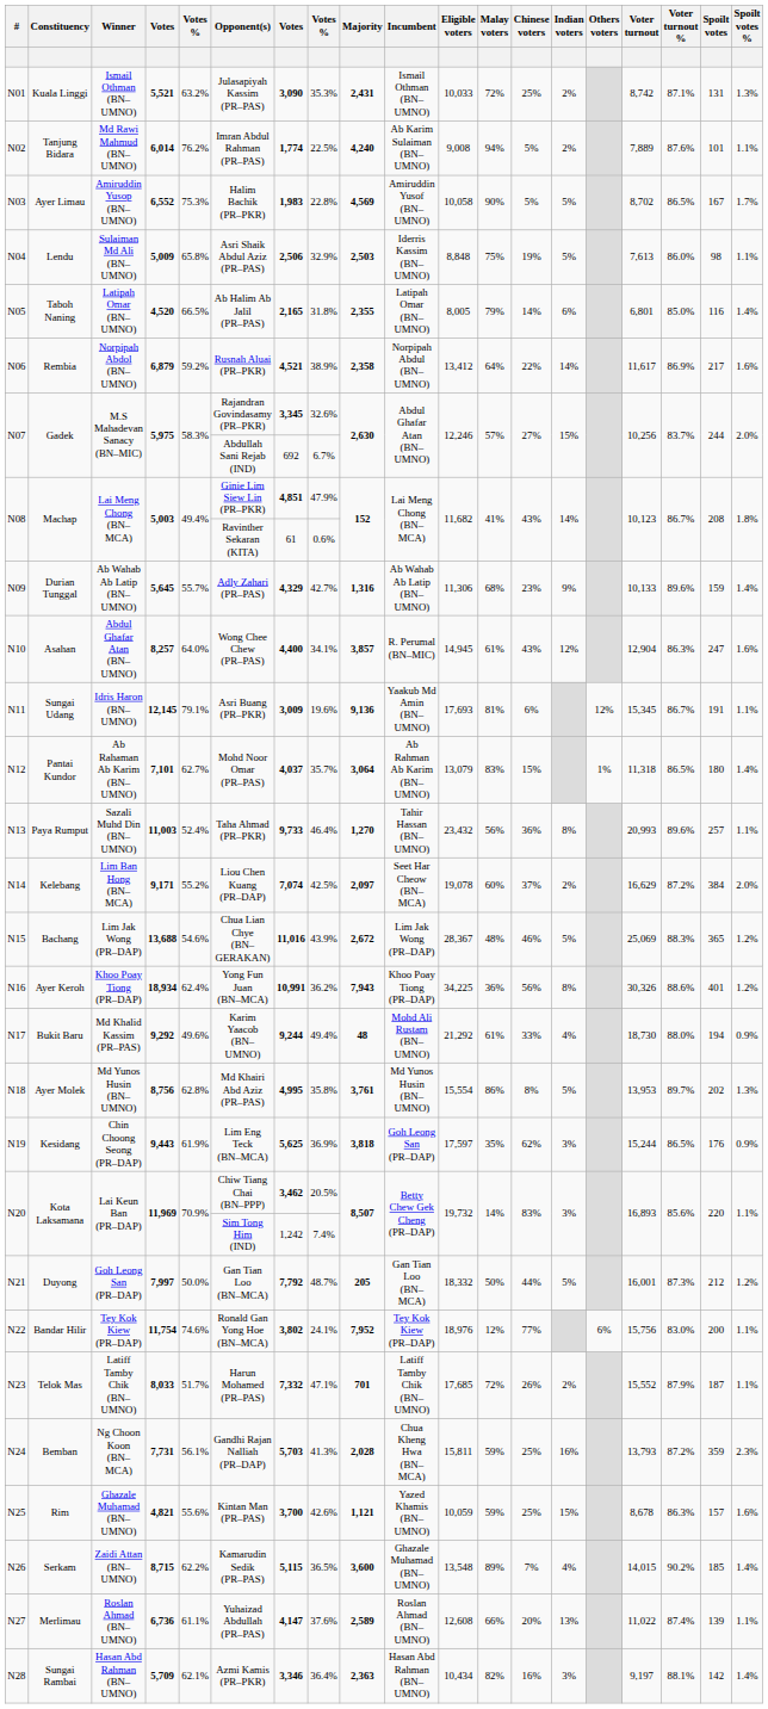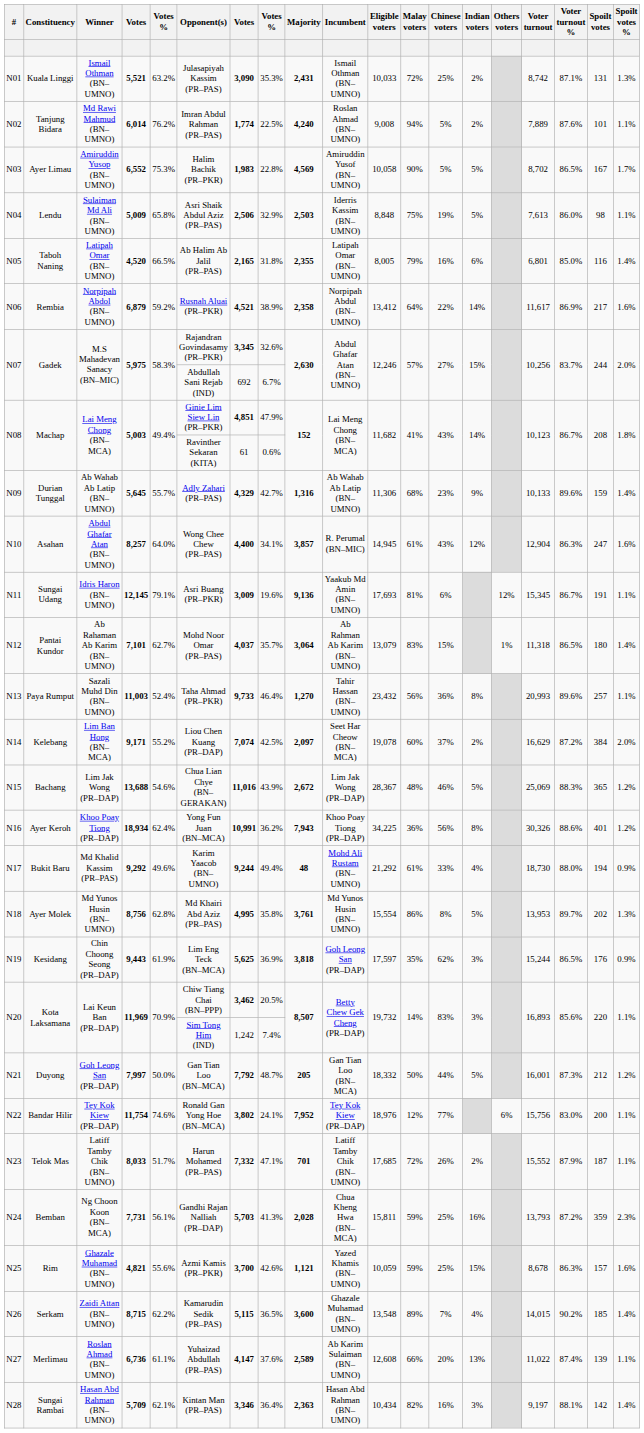 <table class="wikitable sortable" style="text-align:center; font-size:90%">
 <tr>
 <th>#</th>
 <th>Constituency</th>
 <th>Winner</th>
 <th>Votes</th>
 <th>Votes %</th>
 <th>Opponent(s)</th>
 <th>Votes</th>
 <th>Votes %</th>
 <th>Majority</th>
 <th>Incumbent</th>
 <th>Eligible voters</th>
 <th>Malay voters</th>
 <th>Chinese voters</th>
 <th>Indian voters</th>
 <th>Others voters</th>
 <th>Voter turnout</th>
 <th>Voter turnout %</th>
 <th>Spoilt votes</th>
 <th>Spoilt votes %</th>
 </tr>
 <tr>
 <th style="height:20px;"></th>
 <th></th>
 <th></th>
 <th></th>
 <th></th>
 <th></th>
 <th></th>
 <th></th>
 <th></th>
 <th></th>
 <th></th>
 <th></th>
 <th></th>
 <th></th>
 <th></th>
 <th></th>
 <th></th>
 <th></th>
 <th></th>
 </tr>
 <tr>
 <td>N01</td>
 <td>Kuala Linggi</td>
 <td><a href='#'>Ismail Othman</a><br>(BN–UMNO)</td>
 <td><strong>5,521</strong></td>
 <td>63.2%</td>
 <td>Julasapiyah Kassim<br>(PR–PAS)</td>
 <td><strong>3,090</strong></td>
 <td>35.3%</td>
 <td><strong>2,431</strong></td>
 <td>Ismail Othman<br>(BN–UMNO)</td>
 <td>10,033</td>
 <td>72%</td>
 <td>25%</td>
 <td>2%</td>
 <td style="background:#dcdcdc;"></td>
 <td>8,742</td>
 <td>87.1%</td>
 <td>131</td>
 <td>1.3%</td>
 </tr>
 <tr style="text-align:center;">
 <td>N02</td>
 <td>Tanjung Bidara</td>
 <td><a href='#'>Md Rawi Mahmud</a><br>(BN–UMNO)</td>
 <td><strong>6,014</strong></td>
 <td>76.2%</td>
 <td>Imran Abdul Rahman<br>(PR–PAS)</td>
 <td><strong>1,774</strong></td>
 <td>22.5%</td>
 <td><strong>4,240</strong></td>
-<td>Ab Karim Sulaiman<br>(BN–UMNO)</td>
+<td>Roslan Ahmad<br>(BN–UMNO)</td>
 <td>9,008</td>
 <td>94%</td>
 <td>5%</td>
 <td>2%</td>
 <td style="background:#dcdcdc;"></td>
 <td>7,889</td>
 <td>87.6%</td>
 <td>101</td>
 <td>1.1%</td>
 </tr>
 <tr style="text-align:center;">
 <td>N03</td>
 <td>Ayer Limau</td>
 <td><a href='#'>Amiruddin Yusop</a><br>(BN–UMNO)</td>
 <td><strong>6,552</strong></td>
 <td>75.3%</td>
 <td>Halim Bachik<br>(PR–PKR)</td>
 <td><strong>1,983</strong></td>
 <td>22.8%</td>
 <td><strong>4,569</strong></td>
 <td>Amiruddin Yusof<br>(BN–UMNO)</td>
 <td>10,058</td>
 <td>90%</td>
 <td>5%</td>
 <td>5%</td>
 <td style="background:#dcdcdc;"></td>
 <td>8,702</td>
 <td>86.5%</td>
 <td>167</td>
 <td>1.7%</td>
 </tr>
 <tr style="text-align:center;">
 <td>N04</td>
 <td>Lendu</td>
 <td><a href='#'>Sulaiman Md Ali</a><br>(BN–UMNO)</td>
 <td><strong>5,009</strong></td>
 <td>65.8%</td>
 <td>Asri Shaik Abdul Aziz<br>(PR–PAS)</td>
 <td><strong>2,506</strong></td>
 <td>32.9%</td>
 <td><strong>2,503</strong></td>
 <td>Iderris Kassim<br>(BN–UMNO)</td>
 <td>8,848</td>
 <td>75%</td>
 <td>19%</td>
 <td>5%</td>
 <td style="background:#dcdcdc;"></td>
 <td>7,613</td>
 <td>86.0%</td>
 <td>98</td>
 <td>1.1%</td>
 </tr>
 <tr style="text-align:center;">
 <td>N05</td>
 <td>Taboh Naning</td>
 <td><a href='#'>Latipah Omar</a><br>(BN–UMNO)</td>
 <td><strong>4,520</strong></td>
 <td>66.5%</td>
 <td>Ab Halim Ab Jalil<br>(PR–PAS)</td>
 <td><strong>2,165</strong></td>
 <td>31.8%</td>
 <td><strong>2,355</strong></td>
 <td>Latipah Omar<br>(BN–UMNO)</td>
 <td>8,005</td>
 <td>79%</td>
-<td>14%</td>
+<td>16%</td>
 <td>6%</td>
 <td style="background:#dcdcdc;"></td>
 <td>6,801</td>
 <td>85.0%</td>
 <td>116</td>
 <td>1.4%</td>
 </tr>
 <tr style="text-align:center;">
 <td>N06</td>
 <td>Rembia</td>
 <td><a href='#'>Norpipah Abdol</a><br>(BN–UMNO)</td>
 <td><strong>6,879</strong></td>
 <td>59.2%</td>
 <td><a href='#'>Rusnah Aluai</a><br>(PR–PKR)</td>
 <td><strong>4,521</strong></td>
 <td>38.9%</td>
 <td><strong>2,358</strong></td>
 <td>Norpipah Abdul<br>(BN–UMNO)</td>
 <td>13,412</td>
 <td>64%</td>
 <td>22%</td>
 <td>14%</td>
 <td style="background:#dcdcdc;"></td>
 <td>11,617</td>
 <td>86.9%</td>
 <td>217</td>
 <td>1.6%</td>
 </tr>
 <tr style="text-align:center;">
 <td rowspan="2">N07</td>
 <td rowspan="2">Gadek</td>
 <td rowspan="2">M.S Mahadevan Sanacy<br>(BN–MIC)</td>
 <td rowspan="2"><strong>5,975</strong></td>
 <td rowspan="2">58.3%</td>
 <td>Rajandran Govindasamy<br>(PR–PKR)</td>
 <td><strong>3,345</strong></td>
 <td>32.6%</td>
 <td rowspan="2"><strong>2,630</strong></td>
 <td rowspan="2">Abdul Ghafar Atan<br>(BN–UMNO)</td>
 <td rowspan="2">12,246</td>
 <td rowspan="2">57%</td>
 <td rowspan="2">27%</td>
 <td rowspan="2">15%</td>
 <td rowspan="2" style="background:#dcdcdc;"></td>
 <td rowspan="2">10,256</td>
 <td rowspan="2">83.7%</td>
 <td rowspan="2">244</td>
 <td rowspan="2">2.0%</td>
 </tr>
 <tr>
 <td>Abdullah Sani Rejab<br>(IND)</td>
 <td>692</td>
 <td>6.7%</td>
 </tr>
 <tr style="text-align:center;">
 <td rowspan="2">N08</td>
 <td rowspan="2">Machap</td>
 <td rowspan="2"><a href='#'>Lai Meng Chong</a><br>(BN–MCA)</td>
 <td rowspan="2"><strong>5,003</strong></td>
 <td rowspan="2">49.4%</td>
 <td><a href='#'>Ginie Lim Siew Lin</a><br>(PR–PKR)</td>
 <td><strong>4,851</strong></td>
 <td>47.9%</td>
 <td rowspan="2"><strong>152</strong></td>
 <td rowspan="2">Lai Meng Chong<br>(BN–MCA)</td>
 <td rowspan="2">11,682</td>
 <td rowspan="2">41%</td>
 <td rowspan="2">43%</td>
 <td rowspan="2">14%</td>
 <td rowspan="2" style="background:#dcdcdc;"></td>
 <td rowspan="2">10,123</td>
 <td rowspan="2">86.7%</td>
 <td rowspan="2">208</td>
 <td rowspan="2">1.8%</td>
 </tr>
 <tr>
 <td>Ravinther Sekaran<br>(KITA)</td>
 <td>61</td>
 <td>0.6%</td>
 </tr>
 <tr style="text-align:center;">
 <td>N09</td>
 <td>Durian Tunggal</td>
 <td>Ab Wahab Ab Latip<br>(BN–UMNO)</td>
 <td><strong>5,645</strong></td>
 <td>55.7%</td>
 <td><a href='#'>Adly Zahari</a><br>(PR–PAS)</td>
 <td><strong>4,329</strong></td>
 <td>42.7%</td>
 <td><strong>1,316</strong></td>
 <td>Ab Wahab Ab Latip<br>(BN–UMNO)</td>
 <td>11,306</td>
 <td>68%</td>
 <td>23%</td>
 <td>9%</td>
 <td style="background:#dcdcdc;"></td>
 <td>10,133</td>
 <td>89.6%</td>
 <td>159</td>
 <td>1.4%</td>
 </tr>
 <tr style="text-align:center;">
 <td>N10</td>
 <td>Asahan</td>
 <td><a href='#'>Abdul Ghafar Atan</a><br>(BN–UMNO)</td>
 <td><strong>8,257</strong></td>
 <td>64.0%</td>
 <td>Wong Chee Chew<br>(PR–PAS)</td>
 <td><strong>4,400</strong></td>
 <td>34.1%</td>
 <td><strong>3,857</strong></td>
 <td>R. Perumal<br>(BN–MIC)</td>
 <td>14,945</td>
 <td>61%</td>
 <td>43%</td>
 <td>12%</td>
 <td style="background:#dcdcdc;"></td>
 <td>12,904</td>
 <td>86.3%</td>
 <td>247</td>
 <td>1.6%</td>
 </tr>
 <tr style="text-align:center;">
 <td>N11</td>
 <td>Sungai Udang</td>
 <td><a href='#'>Idris Haron</a><br>(BN–UMNO)</td>
 <td><strong>12,145</strong></td>
 <td>79.1%</td>
 <td>Asri Buang<br>(PR–PKR)</td>
 <td><strong>3,009</strong></td>
 <td>19.6%</td>
 <td><strong>9,136</strong></td>
 <td>Yaakub Md Amin<br>(BN–UMNO)</td>
 <td>17,693</td>
 <td>81%</td>
 <td>6%</td>
 <td style="background:#dcdcdc;"></td>
 <td>12%</td>
 <td>15,345</td>
 <td>86.7%</td>
 <td>191</td>
 <td>1.1%</td>
 </tr>
 <tr style="text-align:center;">
 <td>N12</td>
 <td>Pantai Kundor</td>
 <td>Ab Rahaman Ab Karim<br>(BN–UMNO)</td>
 <td><strong>7,101</strong></td>
 <td>62.7%</td>
 <td>Mohd Noor Omar<br>(PR–PAS)</td>
 <td><strong>4,037</strong></td>
 <td>35.7%</td>
 <td><strong>3,064</strong></td>
 <td>Ab Rahman Ab Karim<br>(BN–UMNO)</td>
 <td>13,079</td>
 <td>83%</td>
 <td>15%</td>
 <td style="background:#dcdcdc;"></td>
 <td>1%</td>
 <td>11,318</td>
 <td>86.5%</td>
 <td>180</td>
 <td>1.4%</td>
 </tr>
 <tr style="text-align:center;">
 <td>N13</td>
 <td>Paya Rumput</td>
 <td>Sazali Muhd Din<br>(BN–UMNO)</td>
 <td><strong>11,003</strong></td>
 <td>52.4%</td>
 <td>Taha Ahmad<br>(PR–PKR)</td>
 <td><strong>9,733</strong></td>
 <td>46.4%</td>
 <td><strong>1,270</strong></td>
 <td>Tahir Hassan<br>(BN–UMNO)</td>
 <td>23,432</td>
 <td>56%</td>
 <td>36%</td>
 <td>8%</td>
 <td style="background:#dcdcdc;"></td>
 <td>20,993</td>
 <td>89.6%</td>
 <td>257</td>
 <td>1.1%</td>
 </tr>
 <tr style="text-align:center;">
 <td>N14</td>
 <td>Kelebang</td>
 <td><a href='#'>Lim Ban Hong</a><br>(BN–MCA)</td>
 <td><strong>9,171</strong></td>
 <td>55.2%</td>
 <td>Liou Chen Kuang<br>(PR–DAP)</td>
 <td><strong>7,074</strong></td>
 <td>42.5%</td>
 <td><strong>2,097</strong></td>
 <td>Seet Har Cheow<br>(BN–MCA)</td>
 <td>19,078</td>
 <td>60%</td>
 <td>37%</td>
 <td>2%</td>
 <td style="background:#dcdcdc;"></td>
 <td>16,629</td>
 <td>87.2%</td>
 <td>384</td>
 <td>2.0%</td>
 </tr>
 <tr style="text-align:center;">
 <td>N15</td>
 <td>Bachang</td>
 <td>Lim Jak Wong<br>(PR–DAP)</td>
 <td><strong>13,688</strong></td>
 <td>54.6%</td>
 <td>Chua Lian Chye<br>(BN–GERAKAN)</td>
 <td><strong>11,016</strong></td>
 <td>43.9%</td>
 <td><strong>2,672</strong></td>
 <td>Lim Jak Wong<br>(PR–DAP)</td>
 <td>28,367</td>
 <td>48%</td>
 <td>46%</td>
 <td>5%</td>
 <td style="background:#dcdcdc;"></td>
 <td>25,069</td>
 <td>88.3%</td>
 <td>365</td>
 <td>1.2%</td>
 </tr>
 <tr style="text-align:center;">
 <td>N16</td>
 <td>Ayer Keroh</td>
 <td><a href='#'>Khoo Poay Tiong</a><br>(PR–DAP)</td>
 <td><strong>18,934</strong></td>
 <td>62.4%</td>
 <td>Yong Fun Juan<br>(BN–MCA)</td>
 <td><strong>10,991</strong></td>
 <td>36.2%</td>
 <td><strong>7,943</strong></td>
 <td>Khoo Poay Tiong<br>(PR–DAP)</td>
 <td>34,225</td>
 <td>36%</td>
 <td>56%</td>
 <td>8%</td>
 <td style="background:#dcdcdc;"></td>
 <td>30,326</td>
 <td>88.6%</td>
 <td>401</td>
 <td>1.2%</td>
 </tr>
 <tr style="text-align:center;">
 <td>N17</td>
 <td>Bukit Baru</td>
 <td>Md Khalid Kassim<br>(PR–PAS)</td>
 <td><strong>9,292</strong></td>
 <td>49.6%</td>
 <td>Karim Yaacob<br>(BN–UMNO)</td>
 <td><strong>9,244</strong></td>
 <td>49.4%</td>
 <td><strong>48</strong></td>
 <td><a href='#'>Mohd Ali Rustam</a><br>(BN–UMNO)</td>
 <td>21,292</td>
 <td>61%</td>
 <td>33%</td>
 <td>4%</td>
 <td style="background:#dcdcdc;"></td>
 <td>18,730</td>
 <td>88.0%</td>
 <td>194</td>
 <td>0.9%</td>
 </tr>
 <tr style="text-align:center;">
 <td>N18</td>
 <td>Ayer Molek</td>
 <td>Md Yunos Husin<br>(BN–UMNO)</td>
 <td><strong>8,756</strong></td>
 <td>62.8%</td>
 <td>Md Khairi Abd Aziz<br>(PR–PAS)</td>
 <td><strong>4,995</strong></td>
 <td>35.8%</td>
 <td><strong>3,761</strong></td>
 <td>Md Yunos Husin<br>(BN–UMNO)</td>
 <td>15,554</td>
 <td>86%</td>
 <td>8%</td>
 <td>5%</td>
 <td style="background:#dcdcdc;"></td>
 <td>13,953</td>
 <td>89.7%</td>
 <td>202</td>
 <td>1.3%</td>
 </tr>
 <tr style="text-align:center;">
 <td>N19</td>
 <td>Kesidang</td>
 <td>Chin Choong Seong<br>(PR–DAP)</td>
 <td><strong>9,443</strong></td>
 <td>61.9%</td>
 <td>Lim Eng Teck<br>(BN–MCA)</td>
 <td><strong>5,625</strong></td>
 <td>36.9%</td>
 <td><strong>3,818</strong></td>
 <td><a href='#'>Goh Leong San</a><br>(PR–DAP)</td>
 <td>17,597</td>
 <td>35%</td>
 <td>62%</td>
 <td>3%</td>
 <td style="background:#dcdcdc;"></td>
 <td>15,244</td>
 <td>86.5%</td>
 <td>176</td>
 <td>0.9%</td>
 </tr>
 <tr style="text-align:center;">
 <td rowspan="2">N20</td>
 <td rowspan="2">Kota Laksamana</td>
 <td rowspan="2">Lai Keun Ban<br>(PR–DAP)</td>
 <td rowspan="2"><strong>11,969</strong></td>
 <td rowspan="2">70.9%</td>
 <td>Chiw Tiang Chai<br>(BN–PPP)</td>
 <td><strong>3,462</strong></td>
 <td>20.5%</td>
 <td rowspan="2"><strong>8,507</strong></td>
 <td rowspan="2"><a href='#'>Betty Chew Gek Cheng</a><br>(PR–DAP)</td>
 <td rowspan="2">19,732</td>
 <td rowspan="2">14%</td>
 <td rowspan="2">83%</td>
 <td rowspan="2">3%</td>
 <td rowspan="2" style="background:#dcdcdc;"></td>
 <td rowspan="2">16,893</td>
 <td rowspan="2">85.6%</td>
 <td rowspan="2">220</td>
 <td rowspan="2">1.1%</td>
 </tr>
 <tr>
 <td><a href='#'>Sim Tong Him</a><br>(IND)</td>
 <td>1,242</td>
 <td>7.4%</td>
 </tr>
 <tr style="text-align:center;">
 <td>N21</td>
 <td>Duyong</td>
 <td><a href='#'>Goh Leong San</a><br>(PR–DAP)</td>
 <td><strong>7,997</strong></td>
 <td>50.0%</td>
 <td>Gan Tian Loo<br>(BN–MCA)</td>
 <td><strong>7,792</strong></td>
 <td>48.7%</td>
 <td><strong>205</strong></td>
 <td>Gan Tian Loo<br>(BN–MCA)</td>
 <td>18,332</td>
 <td>50%</td>
 <td>44%</td>
 <td>5%</td>
 <td style="background:#dcdcdc;"></td>
 <td>16,001</td>
 <td>87.3%</td>
 <td>212</td>
 <td>1.2%</td>
 </tr>
 <tr style="text-align:center;">
 <td>N22</td>
 <td>Bandar Hilir</td>
 <td><a href='#'>Tey Kok Kiew</a><br>(PR–DAP)</td>
 <td><strong>11,754</strong></td>
 <td>74.6%</td>
 <td>Ronald Gan Yong Hoe<br>(BN–MCA)</td>
 <td><strong>3,802</strong></td>
 <td>24.1%</td>
 <td><strong>7,952</strong></td>
 <td><a href='#'>Tey Kok Kiew</a><br>(PR–DAP)</td>
 <td>18,976</td>
 <td>12%</td>
 <td>77%</td>
 <td style="background:#dcdcdc;"></td>
 <td>6%</td>
 <td>15,756</td>
 <td>83.0%</td>
 <td>200</td>
 <td>1.1%</td>
 </tr>
 <tr style="text-align:center;">
 <td>N23</td>
 <td>Telok Mas</td>
 <td>Latiff Tamby Chik<br>(BN–UMNO)</td>
 <td><strong>8,033</strong></td>
 <td>51.7%</td>
 <td>Harun Mohamed<br>(PR–PAS)</td>
 <td><strong>7,332</strong></td>
 <td>47.1%</td>
 <td><strong>701</strong></td>
 <td>Latiff Tamby Chik<br>(BN–UMNO)</td>
 <td>17,685</td>
 <td>72%</td>
 <td>26%</td>
 <td>2%</td>
 <td style="background:#dcdcdc;"></td>
 <td>15,552</td>
 <td>87.9%</td>
 <td>187</td>
 <td>1.1%</td>
 </tr>
 <tr style="text-align:center;">
 <td>N24</td>
 <td>Bemban</td>
 <td>Ng Choon Koon<br>(BN–MCA)</td>
 <td><strong>7,731</strong></td>
 <td>56.1%</td>
 <td>Gandhi Rajan Nalliah<br>(PR–DAP)</td>
 <td><strong>5,703</strong></td>
 <td>41.3%</td>
 <td><strong>2,028</strong></td>
 <td>Chua Kheng Hwa<br>(BN–MCA)</td>
 <td>15,811</td>
 <td>59%</td>
 <td>25%</td>
 <td>16%</td>
 <td style="background:#dcdcdc;"></td>
 <td>13,793</td>
 <td>87.2%</td>
 <td>359</td>
 <td>2.3%</td>
 </tr>
 <tr style="text-align:center;">
 <td>N25</td>
 <td>Rim</td>
 <td><a href='#'>Ghazale Muhamad</a><br>(BN–UMNO)</td>
 <td><strong>4,821</strong></td>
 <td>55.6%</td>
-<td>Kintan Man<br>(PR–PAS)</td>
+<td>Azmi Kamis<br>(PR–PKR)</td>
 <td><strong>3,700</strong></td>
 <td>42.6%</td>
 <td><strong>1,121</strong></td>
 <td>Yazed Khamis<br>(BN–UMNO)</td>
 <td>10,059</td>
 <td>59%</td>
 <td>25%</td>
 <td>15%</td>
 <td style="background:#dcdcdc;"></td>
 <td>8,678</td>
 <td>86.3%</td>
 <td>157</td>
 <td>1.6%</td>
 </tr>
 <tr style="text-align:center;">
 <td>N26</td>
 <td>Serkam</td>
 <td><a href='#'>Zaidi Attan</a><br>(BN–UMNO)</td>
 <td><strong>8,715</strong></td>
 <td>62.2%</td>
 <td>Kamarudin Sedik<br>(PR–PAS)</td>
 <td><strong>5,115</strong></td>
 <td>36.5%</td>
 <td><strong>3,600</strong></td>
 <td>Ghazale Muhamad<br>(BN–UMNO)</td>
 <td>13,548</td>
 <td>89%</td>
 <td>7%</td>
 <td>4%</td>
 <td style="background:#dcdcdc;"></td>
 <td>14,015</td>
 <td>90.2%</td>
 <td>185</td>
 <td>1.4%</td>
 </tr>
 <tr style="text-align:center;">
 <td>N27</td>
 <td>Merlimau</td>
 <td><a href='#'>Roslan Ahmad</a><br>(BN–UMNO)</td>
 <td><strong>6,736</strong></td>
 <td>61.1%</td>
 <td>Yuhaizad Abdullah<br>(PR–PAS)</td>
 <td><strong>4,147</strong></td>
 <td>37.6%</td>
 <td><strong>2,589</strong></td>
-<td>Roslan Ahmad<br>(BN–UMNO)</td>
+<td>Ab Karim Sulaiman<br>(BN–UMNO)</td>
 <td>12,608</td>
 <td>66%</td>
 <td>20%</td>
 <td>13%</td>
 <td style="background:#dcdcdc;"></td>
 <td>11,022</td>
 <td>87.4%</td>
 <td>139</td>
 <td>1.1%</td>
 </tr>
 <tr style="text-align:center;">
 <td>N28</td>
 <td>Sungai Rambai</td>
 <td><a href='#'>Hasan Abd Rahman</a><br>(BN–UMNO)</td>
 <td><strong>5,709</strong></td>
 <td>62.1%</td>
-<td>Azmi Kamis<br>(PR–PKR)</td>
+<td>Kintan Man<br>(PR–PAS)</td>
 <td><strong>3,346</strong></td>
 <td>36.4%</td>
 <td><strong>2,363</strong></td>
 <td>Hasan Abd Rahman<br>(BN–UMNO)</td>
 <td>10,434</td>
 <td>82%</td>
 <td>16%</td>
 <td>3%</td>
 <td style="background:#dcdcdc;"></td>
 <td>9,197</td>
 <td>88.1%</td>
 <td>142</td>
 <td>1.4%</td>
 </tr>
 </table>
